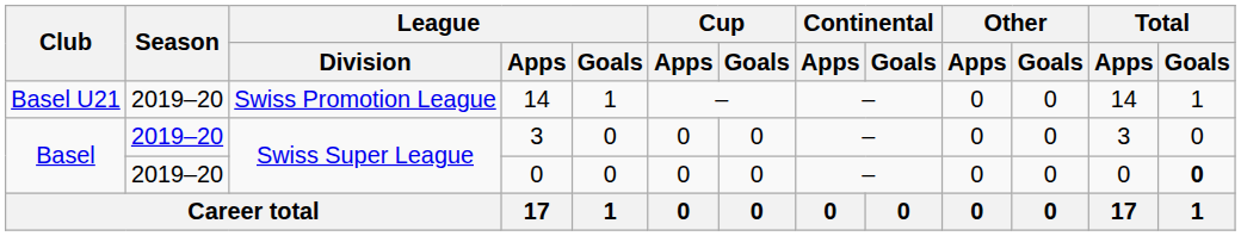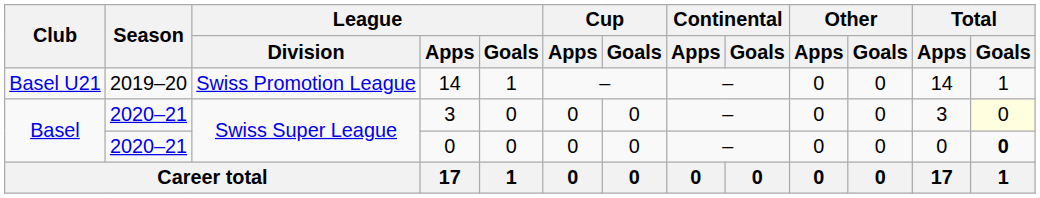 <table class="wikitable" style="text-align: center">
 <tr>
 <th rowspan="2">Club</th>
 <th rowspan="2">Season</th>
 <th colspan="3">League</th>
 <th colspan="2">Cup</th>
 <th colspan="2">Continental</th>
 <th colspan="2">Other</th>
 <th colspan="2">Total</th>
 </tr>
 <tr>
 <th>Division</th>
 <th>Apps</th>
 <th>Goals</th>
 <th>Apps</th>
 <th>Goals</th>
 <th>Apps</th>
 <th>Goals</th>
 <th>Apps</th>
 <th>Goals</th>
 <th>Apps</th>
 <th>Goals</th>
 </tr>
 <tr>
 <td><a href='#'>Basel U21</a></td>
 <td>2019–20</td>
 <td><a href='#'>Swiss Promotion League</a></td>
 <td>14</td>
 <td>1</td>
 <td colspan="2">–</td>
 <td colspan="2">–</td>
 <td>0</td>
 <td>0</td>
 <td>14</td>
 <td>1</td>
 </tr>
 <tr>
 <td rowspan=2><a href='#'>Basel</a></td>
-<td><a href='#'>2019–20</a></td>
+<td><a href='#'>2020–21</a></td>
 <td rowspan=2><a href='#'>Swiss Super League</a></td>
 <td>3</td>
 <td>0</td>
 <td>0</td>
 <td>0</td>
 <td colspan="2">–</td>
 <td>0</td>
 <td>0</td>
 <td>3</td>
-<td>0</td>
+<td style="background: lightyellow;">0</td>
 </tr>
 <tr>
-<td>2019–20</td>
+<td><a href='#'>2020–21</a></td>
 <td>0</td>
 <td>0</td>
 <td>0</td>
 <td>0</td>
 <td colspan="2">–</td>
 <td>0</td>
 <td>0</td>
 <td>0</td>
 <td><strong>0</strong></td>
 </tr>
 <tr>
 <th colspan="3">Career total</th>
 <th>17</th>
 <th>1</th>
 <th>0</th>
 <th>0</th>
 <th>0</th>
 <th>0</th>
 <th>0</th>
 <th>0</th>
 <th>17</th>
 <th>1</th>
 </tr>
 </table>
